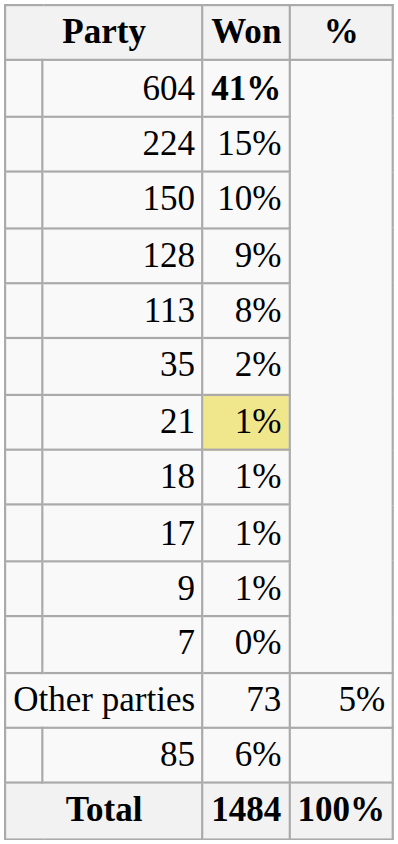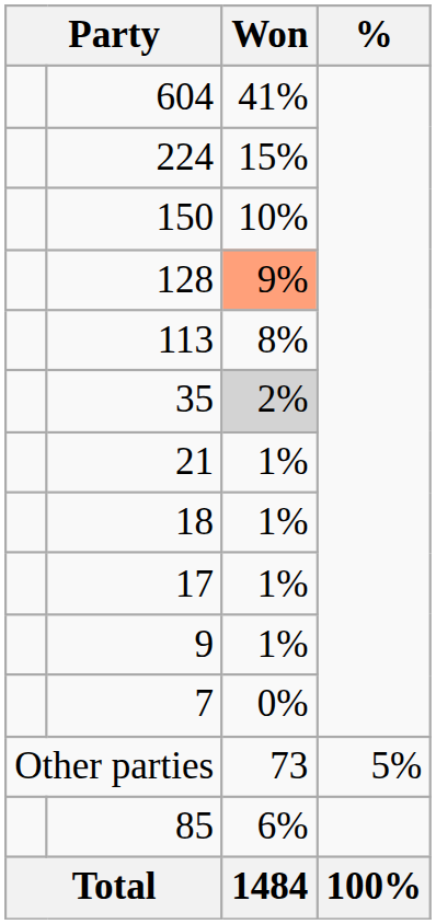 <table class=wikitable style="text-align:right;">
 <tr>
 <th colspan=2>Party</th>
 <th>Won</th>
 <th>%</th>
 </tr>
 <tr>
 <td></td>
 <td>604</td>
-<td><strong>41%</strong></td>
+<td>41%</td>
 </tr>
 <tr>
 <td></td>
 <td>224</td>
 <td>15%</td>
 </tr>
 <tr>
 <td></td>
 <td>150</td>
 <td>10%</td>
 </tr>
 <tr>
 <td></td>
 <td>128</td>
-<td>9%</td>
+<td style="background: lightsalmon;">9%</td>
 </tr>
 <tr>
 <td></td>
 <td>113</td>
 <td>8%</td>
 </tr>
 <tr>
 <td></td>
 <td>35</td>
-<td>2%</td>
+<td style="background: lightgrey;">2%</td>
 </tr>
 <tr>
 <td></td>
 <td>21</td>
-<td style="background: khaki;">1%</td>
+<td>1%</td>
 </tr>
 <tr>
 <td></td>
 <td>18</td>
 <td>1%</td>
 </tr>
 <tr>
 <td></td>
 <td>17</td>
 <td>1%</td>
 </tr>
 <tr>
 <td></td>
 <td>9</td>
 <td>1%</td>
 </tr>
 <tr>
 <td></td>
 <td>7</td>
 <td>0%</td>
 </tr>
 <tr>
 <td colspan=2 align=left>Other parties</td>
 <td>73</td>
 <td>5%</td>
 </tr>
 <tr>
 <td></td>
 <td>85</td>
 <td>6%</td>
 </tr>
 <tr>
 <th colspan=2>Total</th>
 <th>1484</th>
 <th>100%</th>
 </tr>
 </table>
